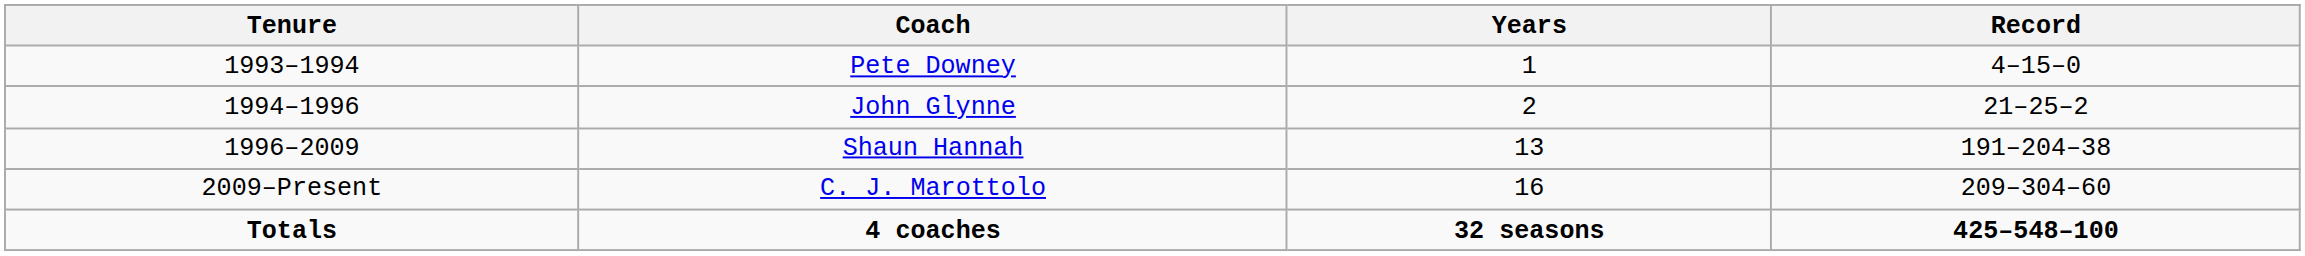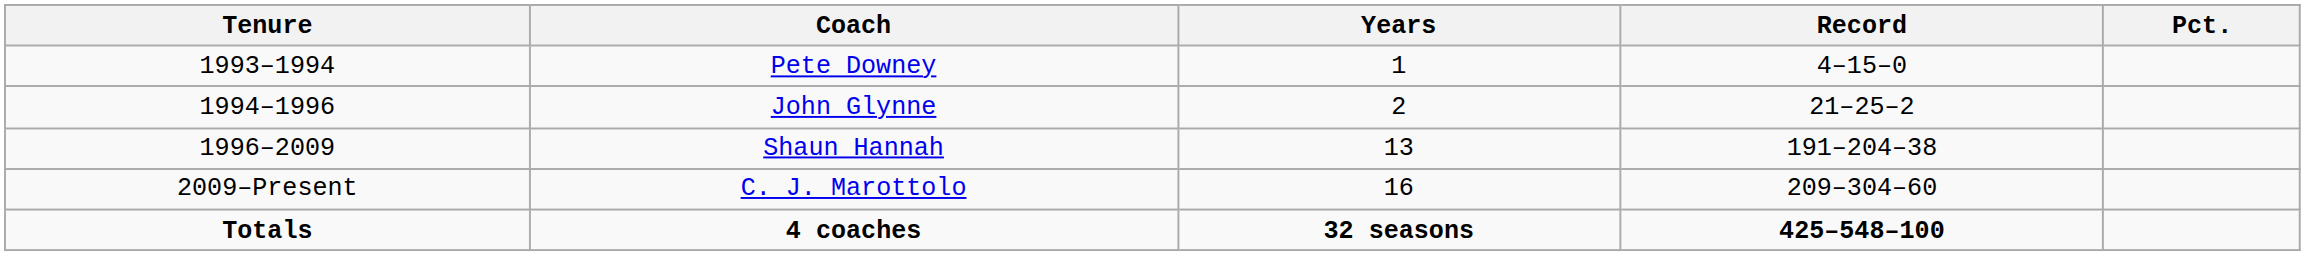 <table class="wikitable" width="60%">
 <tr>
 <th>Tenure</th>
 <th>Coach</th>
 <th>Years</th>
 <th>Record</th>
+<th>Pct.</th>
 </tr>
 <tr align="center">
 <td>1993–1994</td>
 <td><a href='#'>Pete Downey</a></td>
 <td>1</td>
 <td>4–15–0</td>
+<td></td>
 </tr>
 <tr align="center">
 <td>1994–1996</td>
 <td><a href='#'>John Glynne</a></td>
 <td>2</td>
 <td>21–25–2</td>
+<td></td>
 </tr>
 <tr align="center">
 <td>1996–2009</td>
 <td><a href='#'>Shaun Hannah</a></td>
 <td>13</td>
 <td>191–204–38</td>
+<td></td>
 </tr>
 <tr align="center">
 <td>2009–Present</td>
 <td><a href='#'>C. J. Marottolo</a></td>
 <td>16</td>
 <td>209–304–60</td>
+<td></td>
 </tr>
 <tr align="center">
 <td><strong>Totals</strong></td>
 <td><strong>4 coaches</strong></td>
 <td><strong>32 seasons</strong></td>
 <td><strong>425–548–100</strong></td>
+<td><strong></strong></td>
 </tr>
 </table>
